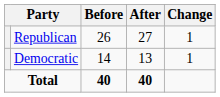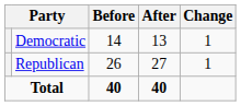 <table class="wikitable" style="text-align:center;">
 <tr>
 <th colspan="2">Party</th>
 <th>Before</th>
 <th>After</th>
 <th>Change</th>
 </tr>
 <tr>
 <th style="background-color:"></th>
-<td style="text-align:left;"><a href='#'>Republican</a></td>
-<td>26</td>
-<td>27</td>
+<td style="text-align:left;"><a href='#'>Democratic</a></td>
+<td>14</td>
+<td>13</td>
 <td> 1</td>
 </tr>
 <tr>
 <th style="background-color:"></th>
-<td style="text-align:left;"><a href='#'>Democratic</a></td>
-<td>14</td>
-<td>13</td>
+<td style="text-align:left;"><a href='#'>Republican</a></td>
+<td>26</td>
+<td>27</td>
 <td> 1</td>
 </tr>
 <tr>
 <td colspan="2"><strong>Total</strong></td>
 <td><strong>40</strong></td>
 <td><strong>40</strong></td>
 <td></td>
 </tr>
 </table>
